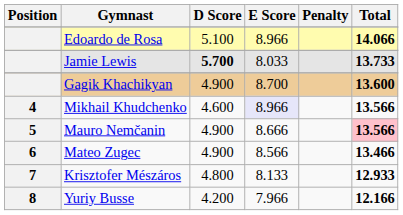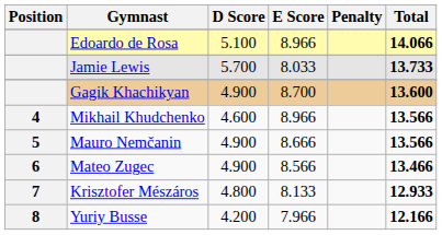 <table class="wikitable sortable" style="text-align:center;">
 <tr>
 <th>Position</th>
 <th>Gymnast</th>
 <th>D Score</th>
 <th>E Score</th>
 <th>Penalty</th>
 <th>Total</th>
 </tr>
 <tr>
 </tr>
 <tr style="background:#fffcaf;">
 <th scope="row" style="text-align:center"></th>
 <td style="text-align:left;"> <a href='#'>Edoardo de Rosa</a></td>
 <td>5.100</td>
 <td>8.966</td>
 <td></td>
 <td><strong>14.066</strong></td>
 </tr>
 <tr>
 </tr>
 <tr style="background:#e5e5e5;">
 <th scope="row" style="text-align:center"></th>
 <td style="text-align:left;"> <a href='#'>Jamie Lewis</a></td>
-<td><strong>5.700</strong></td>
+<td>5.700</td>
 <td>8.033</td>
 <td></td>
 <td><strong>13.733</strong></td>
 </tr>
 <tr>
 </tr>
 <tr style="background:#ec9;">
 <th scope="row" style="text-align:center"></th>
 <td style="text-align:left;"> <a href='#'>Gagik Khachikyan</a></td>
 <td>4.900</td>
 <td>8.700</td>
 <td></td>
 <td><strong>13.600</strong></td>
 </tr>
 <tr>
 <th>4</th>
 <td style="text-align:left;"> <a href='#'>Mikhail Khudchenko</a></td>
 <td>4.600</td>
-<td style="background: lavender;">8.966</td>
+<td>8.966</td>
 <td></td>
 <td><strong>13.566</strong></td>
 </tr>
 <tr>
 <th>5</th>
 <td style="text-align:left;"> <a href='#'>Mauro Nemčanin</a></td>
 <td>4.900</td>
 <td>8.666</td>
 <td></td>
-<td style="background: pink;"><strong>13.566</strong></td>
+<td><strong>13.566</strong></td>
 </tr>
 <tr>
 <th>6</th>
 <td style="text-align:left;"> <a href='#'>Mateo Zugec</a></td>
 <td>4.900</td>
 <td>8.566</td>
 <td></td>
 <td><strong>13.466</strong></td>
 </tr>
 <tr>
 <th>7</th>
 <td style="text-align:left;"> <a href='#'>Krisztofer Mészáros</a></td>
 <td>4.800</td>
 <td>8.133</td>
 <td></td>
 <td><strong>12.933</strong></td>
 </tr>
 <tr>
 <th>8</th>
 <td style="text-align:left;"> <a href='#'>Yuriy Busse</a></td>
 <td>4.200</td>
 <td>7.966</td>
 <td></td>
 <td><strong>12.166</strong></td>
 </tr>
 </table>
